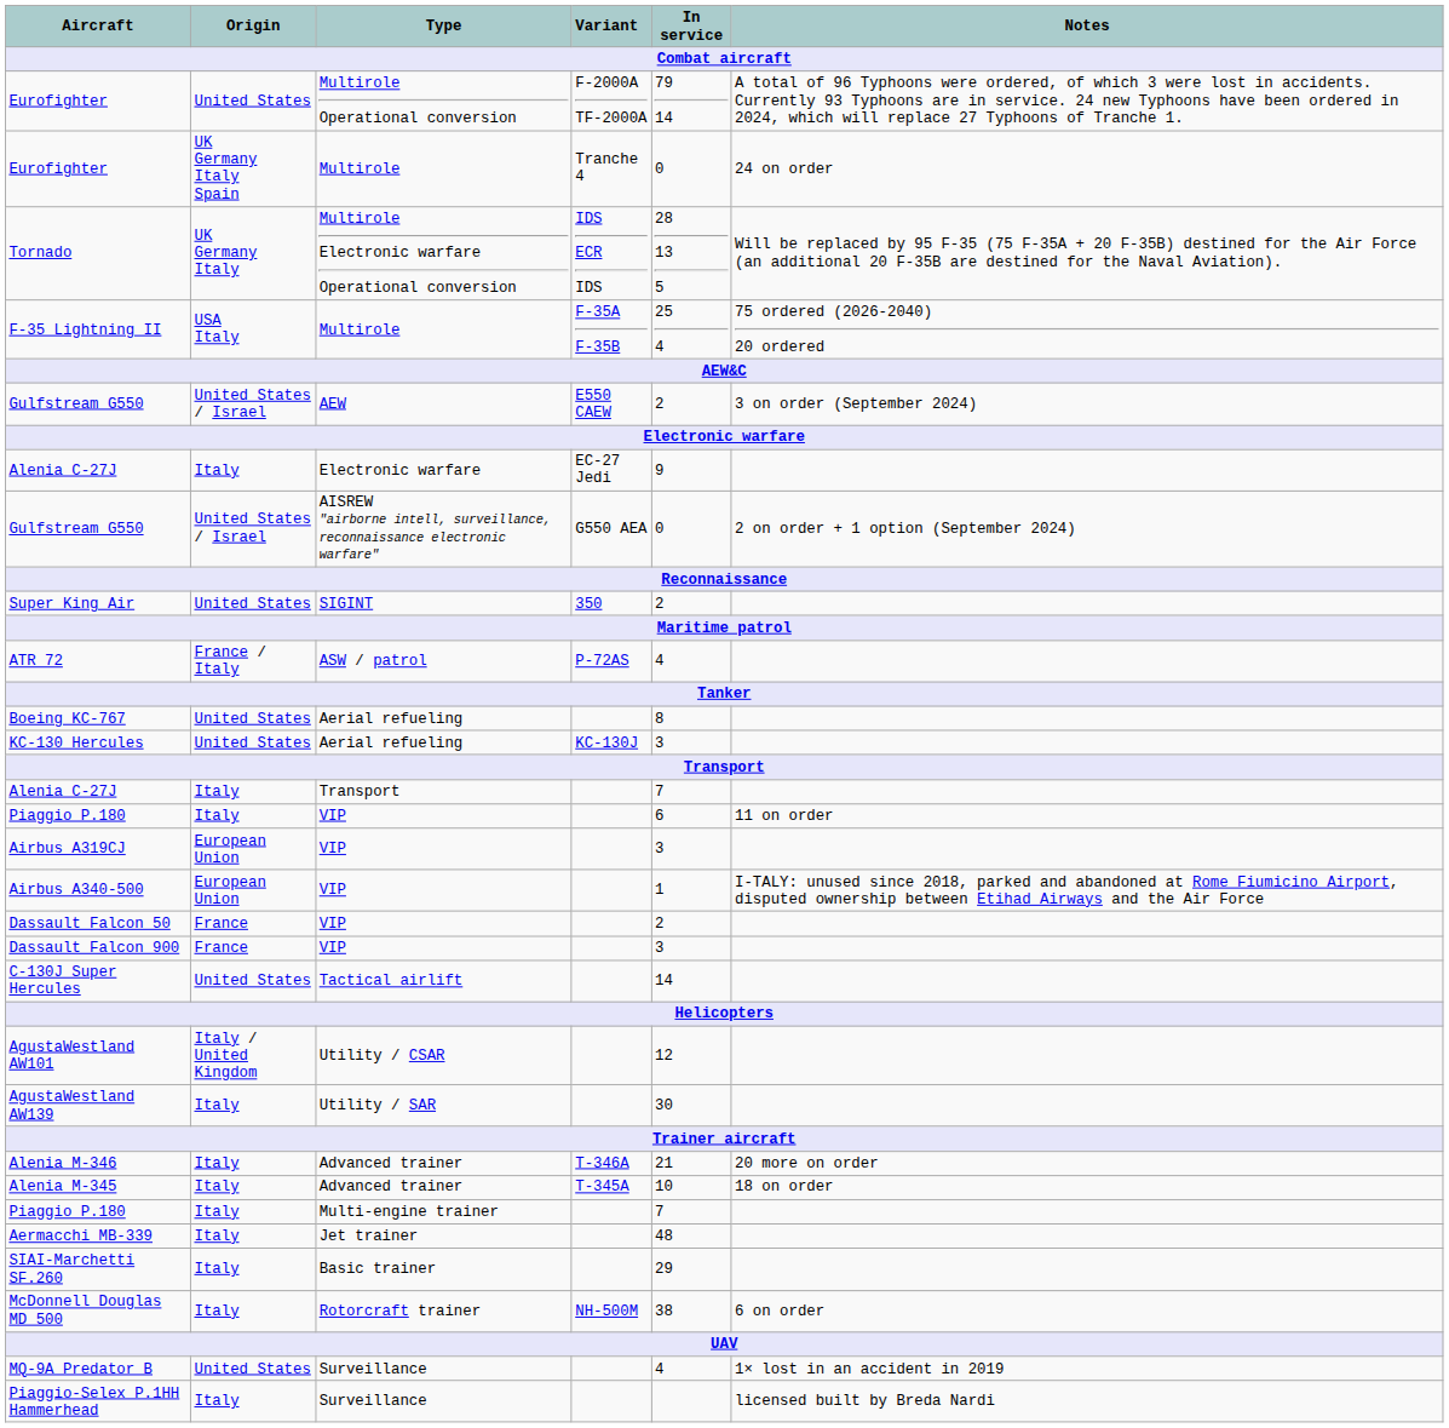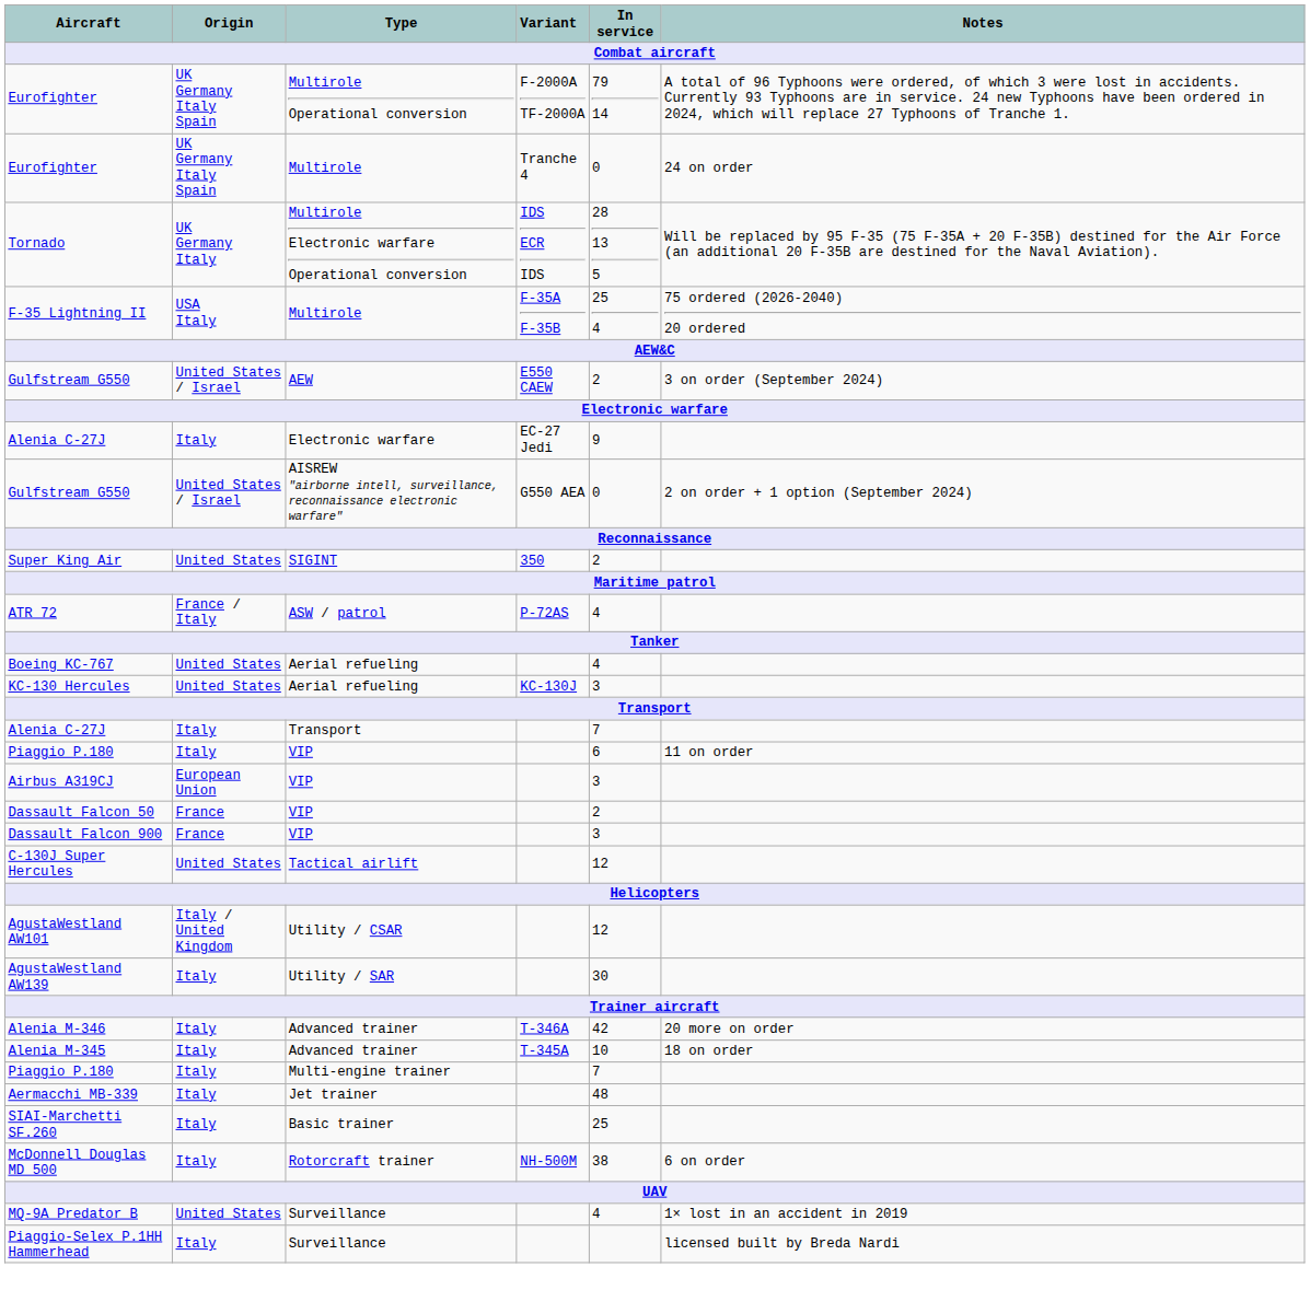 <table class="wikitable">
 <tr>
 <th style="text-align:center; background:#acc;">Aircraft</th>
 <th style="text-align: center; background:#acc;">Origin</th>
 <th style="text-align:l center; background:#acc;">Type</th>
 <th style="text-align:left; background:#acc;">Variant</th>
 <th style="text-align:center; background:#acc;">In service</th>
 <th style="text-align: center; background:#acc;">Notes</th>
 </tr>
 <tr>
 <th style="align: center; background: lavender;" colspan="6"><a href='#'>Combat aircraft</a></th>
 </tr>
 <tr>
 <td><a href='#'>Eurofighter</a></td>
-<td><a href='#'>United States</a></td>
+<td><a href='#'>UK</a><br><a href='#'>Germany</a><br><a href='#'>Italy</a><br><a href='#'>Spain</a></td>
 <td><a href='#'>Multirole</a><hr>Operational conversion</td>
 <td>F-2000A<hr>TF-2000A</td>
 <td>79<hr>14</td>
 <td>A total of 96 Typhoons were ordered, of which 3 were lost in accidents. Currently 93 Typhoons are in service. 24 new Typhoons have been ordered in 2024, which will replace 27 Typhoons of Tranche 1.</td>
 </tr>
 <tr>
 <td><a href='#'>Eurofighter</a></td>
 <td><a href='#'>UK</a><br><a href='#'>Germany</a><br><a href='#'>Italy</a><br><a href='#'>Spain</a></td>
 <td><a href='#'>Multirole</a></td>
 <td>Tranche 4</td>
 <td>0</td>
 <td>24 on order</td>
 </tr>
 <tr>
 <td><a href='#'>Tornado</a></td>
 <td><a href='#'>UK</a><br><a href='#'>Germany</a><br><a href='#'>Italy</a></td>
 <td><a href='#'>Multirole</a><hr>Electronic warfare<hr>Operational conversion</td>
 <td><a href='#'>IDS</a><hr><a href='#'>ECR</a><hr>IDS</td>
 <td>28<hr>13<hr>5</td>
 <td>Will be replaced by 95 F-35 (75 F-35A + 20 F-35B) destined for the Air Force (an additional 20 F-35B are destined for the Naval Aviation).</td>
 </tr>
 <tr>
 <td><a href='#'>F-35 Lightning II</a></td>
 <td><a href='#'>USA</a><br><a href='#'>Italy</a></td>
 <td><a href='#'>Multirole</a></td>
 <td><a href='#'>F-35A</a><hr><a href='#'>F-35B</a></td>
 <td>25<hr>4</td>
 <td>75 ordered (2026-2040)<hr>20 ordered</td>
 </tr>
 <tr>
 <th style="align: center; background: lavender;" colspan="6"><a href='#'>AEW&C</a></th>
 </tr>
 <tr>
 <td><a href='#'>Gulfstream G550</a></td>
 <td><a href='#'>United States</a> / <a href='#'>Israel</a></td>
 <td><a href='#'>AEW</a></td>
 <td><a href='#'>E550 CAEW</a></td>
 <td>2</td>
 <td>3 on order (September 2024)</td>
 </tr>
 <tr>
 <th colspan="6" style="align: center; background: lavender;"><a href='#'>Electronic warfare</a></th>
 </tr>
 <tr>
 <td><a href='#'>Alenia C-27J</a></td>
 <td><a href='#'>Italy</a></td>
 <td>Electronic warfare</td>
 <td>EC-27 Jedi</td>
 <td>9</td>
 <td></td>
 </tr>
 <tr>
 <td><a href='#'>Gulfstream G550</a></td>
 <td><a href='#'>United States</a> / <a href='#'>Israel</a></td>
 <td>AISREW<br><small><em>"airborne intell, surveillance, reconnaissance electronic warfare"</em></small></td>
 <td>G550 AEA</td>
 <td>0</td>
 <td>2 on order + 1 option (September 2024)</td>
 </tr>
 <tr>
 <th style="align: center; background: lavender;" colspan="6"><a href='#'>Reconnaissance</a></th>
 </tr>
 <tr>
 <td><a href='#'>Super King Air</a></td>
 <td><a href='#'>United States</a></td>
 <td><a href='#'>SIGINT</a></td>
 <td><a href='#'>350</a></td>
 <td>2</td>
 <td></td>
 </tr>
 <tr>
 <th style="align: center; background: lavender;" colspan="6"><a href='#'>Maritime patrol</a></th>
 </tr>
 <tr>
 <td><a href='#'>ATR 72</a></td>
 <td><a href='#'>France</a> / <a href='#'>Italy</a></td>
 <td><a href='#'>ASW</a> / <a href='#'>patrol</a></td>
 <td><a href='#'>P-72AS</a></td>
 <td>4</td>
 <td></td>
 </tr>
 <tr>
 <th style="align: center; background: lavender;" colspan="6"><a href='#'>Tanker</a></th>
 </tr>
 <tr>
 <td><a href='#'>Boeing KC-767</a></td>
 <td><a href='#'>United States</a></td>
 <td>Aerial refueling</td>
 <td></td>
-<td>8</td>
+<td>4</td>
 <td></td>
 </tr>
 <tr>
 <td><a href='#'>KC-130 Hercules</a></td>
 <td><a href='#'>United States</a></td>
 <td>Aerial refueling</td>
 <td><a href='#'>KC-130J</a></td>
 <td>3</td>
 <td></td>
 </tr>
 <tr>
 <th style="align: center; background: lavender;" colspan="6"><a href='#'>Transport</a></th>
 </tr>
 <tr>
 <td><a href='#'>Alenia C-27J</a></td>
 <td><a href='#'>Italy</a></td>
 <td>Transport</td>
 <td></td>
 <td>7</td>
 <td></td>
 </tr>
 <tr>
 <td><a href='#'>Piaggio P.180</a></td>
 <td><a href='#'>Italy</a></td>
 <td><a href='#'>VIP</a></td>
 <td></td>
 <td>6</td>
 <td>11 on order</td>
 </tr>
 <tr>
 <td><a href='#'>Airbus A319CJ</a></td>
 <td><a href='#'>European Union</a></td>
 <td><a href='#'>VIP</a></td>
 <td></td>
 <td>3</td>
 <td></td>
 </tr>
 <tr>
-<td><a href='#'>Airbus A340-500</a></td>
-<td><a href='#'>European Union</a></td>
-<td><a href='#'>VIP</a></td>
-<td></td>
-<td>1</td>
-<td>I-TALY: unused since 2018, parked and abandoned at <a href='#'>Rome Fiumicino Airport</a>, disputed ownership between <a href='#'>Etihad Airways</a> and the Air Force</td>
-</tr>
-<tr>
 <td><a href='#'>Dassault Falcon 50</a></td>
 <td><a href='#'>France</a></td>
 <td><a href='#'>VIP</a></td>
 <td></td>
 <td>2</td>
 <td></td>
 </tr>
 <tr>
 <td><a href='#'>Dassault Falcon 900</a></td>
 <td><a href='#'>France</a></td>
 <td><a href='#'>VIP</a></td>
 <td></td>
 <td>3</td>
 <td></td>
 </tr>
 <tr>
 <td><a href='#'>C-130J Super Hercules</a></td>
 <td><a href='#'>United States</a></td>
 <td><a href='#'>Tactical airlift</a></td>
 <td></td>
-<td>14</td>
+<td>12</td>
 <td></td>
 </tr>
 <tr>
 <th style="align: center; background: lavender;" colspan="6"><a href='#'>Helicopters</a></th>
 </tr>
 <tr>
 <td><a href='#'>AgustaWestland AW101</a></td>
 <td><a href='#'>Italy</a> / <a href='#'>United Kingdom</a></td>
 <td>Utility / <a href='#'>CSAR</a></td>
 <td></td>
 <td>12</td>
 <td></td>
 </tr>
 <tr>
 <td><a href='#'>AgustaWestland AW139</a></td>
 <td><a href='#'>Italy</a></td>
 <td>Utility / <a href='#'>SAR</a></td>
 <td></td>
 <td>30</td>
 <td></td>
 </tr>
 <tr>
 <th style="align: center; background: lavender;" colspan="6"><a href='#'>Trainer aircraft</a></th>
 </tr>
 <tr>
 <td><a href='#'>Alenia M-346</a></td>
 <td><a href='#'>Italy</a></td>
 <td>Advanced trainer</td>
 <td><a href='#'>T-346A</a></td>
-<td>21</td>
+<td>42</td>
 <td>20 more on order</td>
 </tr>
 <tr>
 <td><a href='#'>Alenia M-345</a></td>
 <td><a href='#'>Italy</a></td>
 <td>Advanced trainer</td>
 <td><a href='#'>T-345A</a></td>
 <td>10</td>
 <td>18 on order</td>
 </tr>
 <tr>
 <td><a href='#'>Piaggio P.180</a></td>
 <td><a href='#'>Italy</a></td>
 <td>Multi-engine trainer</td>
 <td></td>
 <td>7</td>
 <td></td>
 </tr>
 <tr>
 <td><a href='#'>Aermacchi MB-339</a></td>
 <td><a href='#'>Italy</a></td>
 <td>Jet trainer</td>
 <td></td>
 <td>48</td>
 <td></td>
 </tr>
 <tr>
 <td><a href='#'>SIAI-Marchetti SF.260</a></td>
 <td><a href='#'>Italy</a></td>
 <td>Basic trainer</td>
 <td></td>
-<td>29</td>
+<td>25</td>
 <td></td>
 </tr>
 <tr>
 <td><a href='#'>McDonnell Douglas MD 500</a></td>
 <td><a href='#'>Italy</a></td>
 <td><a href='#'>Rotorcraft</a> trainer</td>
 <td><a href='#'>NH-500M</a></td>
 <td>38</td>
 <td>6 on order</td>
 </tr>
 <tr>
 <th style="align: center; background: lavender;" colspan="6"><a href='#'>UAV</a></th>
 </tr>
 <tr>
 <td><a href='#'>MQ-9A Predator B</a></td>
 <td><a href='#'>United States</a></td>
 <td>Surveillance</td>
 <td></td>
 <td>4</td>
 <td>1× lost in an accident in 2019</td>
 </tr>
 <tr>
 <td><a href='#'>Piaggio-Selex P.1HH Hammerhead</a></td>
 <td><a href='#'>Italy</a></td>
 <td>Surveillance</td>
 <td></td>
 <td></td>
 <td>licensed built by Breda Nardi</td>
 </tr>
 </table>
